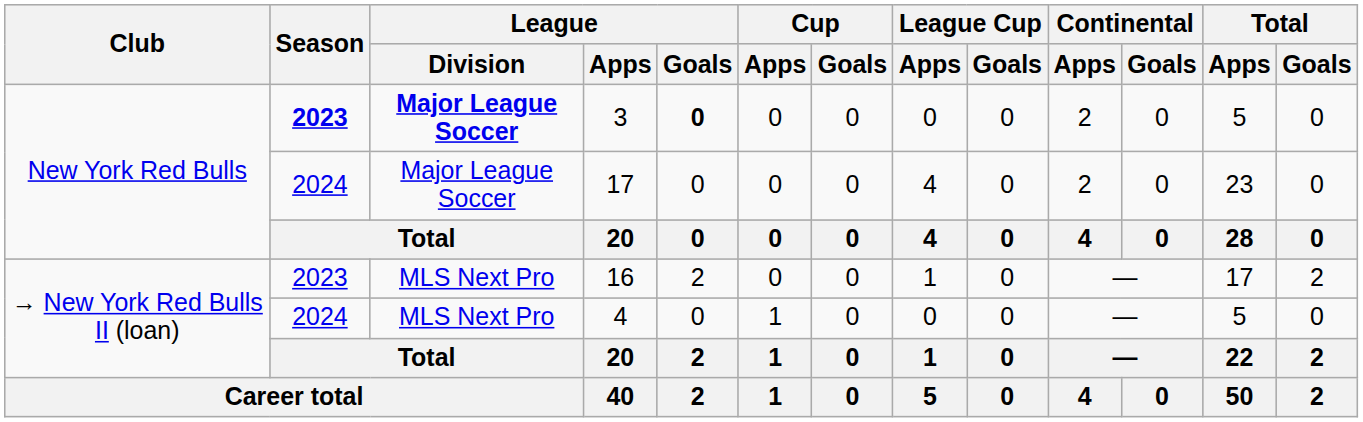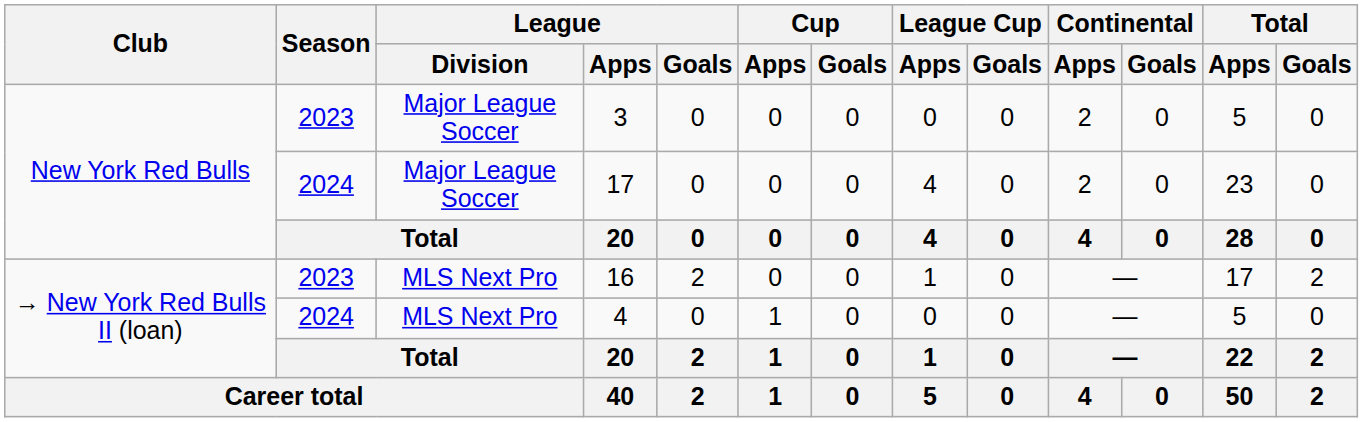 <table class=wikitable style=text-align:center>
 <tr>
 <th rowspan=2>Club</th>
 <th rowspan=2>Season</th>
 <th colspan=3>League</th>
 <th colspan=2>Cup</th>
 <th colspan=2>League Cup</th>
 <th colspan=2>Continental</th>
 <th colspan=2>Total</th>
 </tr>
 <tr>
 <th>Division</th>
 <th>Apps</th>
 <th>Goals</th>
 <th>Apps</th>
 <th>Goals</th>
 <th>Apps</th>
 <th>Goals</th>
 <th>Apps</th>
 <th>Goals</th>
 <th>Apps</th>
 <th>Goals</th>
 </tr>
 <tr>
 <td rowspan=3><a href='#'>New York Red Bulls</a></td>
-<td><strong><a href='#'>2023</a></strong></td>
-<td><strong><a href='#'>Major League Soccer</a></strong></td>
+<td><a href='#'>2023</a></td>
+<td><a href='#'>Major League Soccer</a></td>
 <td>3</td>
-<td><strong>0</strong></td>
+<td>0</td>
 <td>0</td>
 <td>0</td>
 <td>0</td>
 <td>0</td>
 <td>2</td>
 <td>0</td>
 <td>5</td>
 <td>0</td>
 </tr>
 <tr>
 <td><a href='#'>2024</a></td>
 <td><a href='#'>Major League Soccer</a></td>
 <td>17</td>
 <td>0</td>
 <td>0</td>
 <td>0</td>
 <td>4</td>
 <td>0</td>
 <td>2</td>
 <td>0</td>
 <td>23</td>
 <td>0</td>
 </tr>
 <tr>
 <th colspan=2>Total</th>
 <th>20</th>
 <th>0</th>
 <th>0</th>
 <th>0</th>
 <th>4</th>
 <th>0</th>
 <th>4</th>
 <th>0</th>
 <th>28</th>
 <th>0</th>
 </tr>
 <tr>
 <td rowspan=3>→ <a href='#'>New York Red Bulls II</a> (loan)</td>
 <td><a href='#'>2023</a></td>
 <td><a href='#'>MLS Next Pro</a></td>
 <td>16</td>
 <td>2</td>
 <td>0</td>
 <td>0</td>
 <td>1</td>
 <td>0</td>
 <td colspan=2>—</td>
 <td>17</td>
 <td>2</td>
 </tr>
 <tr>
 <td><a href='#'>2024</a></td>
 <td><a href='#'>MLS Next Pro</a></td>
 <td>4</td>
 <td>0</td>
 <td>1</td>
 <td>0</td>
 <td>0</td>
 <td>0</td>
 <td colspan=2>—</td>
 <td>5</td>
 <td>0</td>
 </tr>
 <tr>
 <th colspan=2>Total</th>
 <th>20</th>
 <th>2</th>
 <th>1</th>
 <th>0</th>
 <th>1</th>
 <th>0</th>
 <th colspan=2>—</th>
 <th>22</th>
 <th>2</th>
 </tr>
 <tr>
 <th colspan="3">Career total</th>
 <th>40</th>
 <th>2</th>
 <th>1</th>
 <th>0</th>
 <th>5</th>
 <th>0</th>
 <th>4</th>
 <th>0</th>
 <th>50</th>
 <th>2</th>
 </tr>
 </table>
